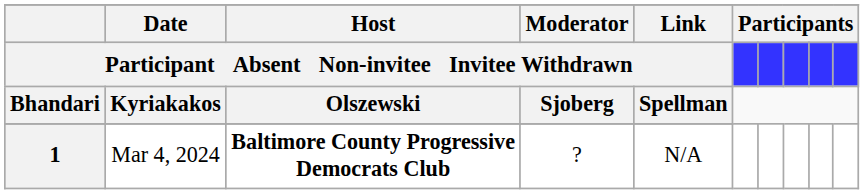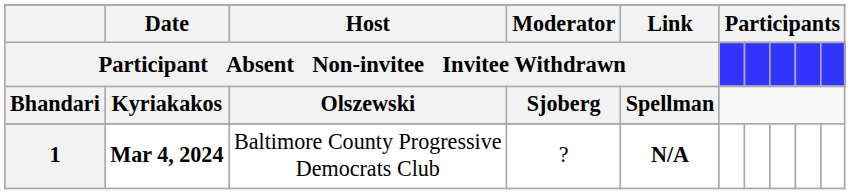 <table class="wikitable mw-collapsible" style="text-align:center;">
 <tr>
 </tr>
 <tr style="font-size:small;">
 <th scope="col"></th>
 <th scope="col">Date</th>
 <th scope="col">Host</th>
 <th scope="col">Moderator</th>
 <th scope="col">Link</th>
 <th scope="col" colspan="5">Participants</th>
 </tr>
 <tr>
 <th colspan="5" rowspan="2"> <small>Participant  </small> <small>Absent  </small> <small>Non-invitee  </small> <small>Invitee Withdrawn</small></th>
 <th scope="col" style="background:#3333FF;"></th>
 <th scope="col" style="background:#3333FF;"></th>
 <th scope="col" style="background:#3333FF;"></th>
 <th scope="col" style="background:#3333FF;"></th>
 <th scope="col" style="background:#3333FF;"></th>
 </tr>
 <tr>
 </tr>
 <tr style="font-size:small;">
 <th scope="col">Bhandari</th>
 <th scope="col">Kyriakakos</th>
 <th scope="col">Olszewski</th>
 <th scope="col">Sjoberg</th>
 <th scope="col">Spellman</th>
 </tr>
 <tr>
 </tr>
 <tr style="background:#FFFFFF;font-size:small;">
 <th scope="row">1</th>
-<td style="white-space:nowrap;">Mar 4, 2024</td>
-<td style="white-space:nowrap;"><strong>Baltimore County Progressive<br>Democrats Club</strong></td>
+<td style="white-space:nowrap;"><strong>Mar 4, 2024</strong></td>
+<td style="white-space:nowrap;">Baltimore County Progressive<br>Democrats Club</td>
 <td style="white-space:nowrap;">?</td>
-<td style="white-space:nowrap;">N/A</td>
+<td style="white-space:nowrap;"><strong>N/A</strong></td>
 <td></td>
 <td></td>
 <td></td>
 <td></td>
 <td></td>
 </tr>
 </table>
